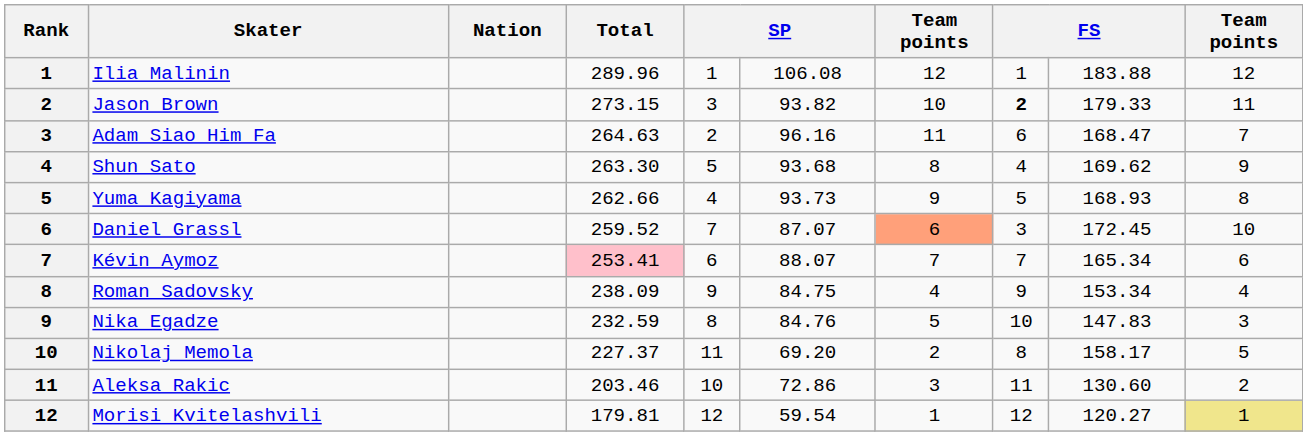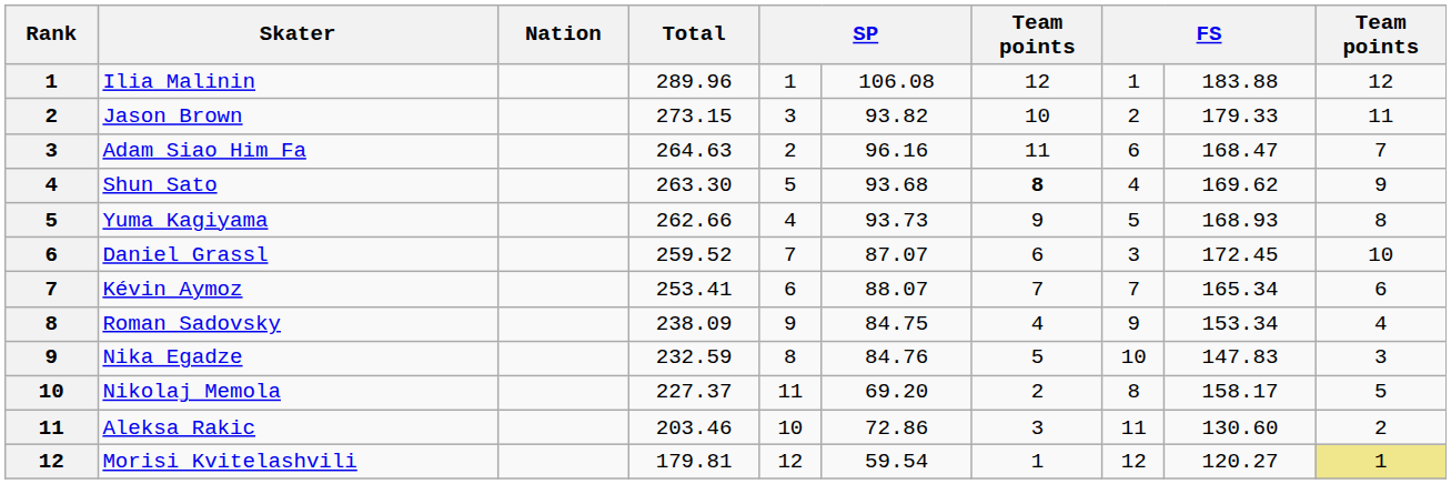 <table class="wikitable sortable" style="text-align:center; width:100%">
 <tr>
 <th scope="col">Rank</th>
 <th scope="col">Skater</th>
 <th scope="col">Nation</th>
 <th scope="col">Total</th>
 <th scope="col" colspan="2" width="80px"><a href='#'>SP</a></th>
 <th scope="col">Team<br>points</th>
 <th scope="col" colspan="2" width="80px"><a href='#'>FS</a></th>
 <th scope="col">Team<br>points</th>
 </tr>
 <tr>
 <th scope="row">1</th>
 <td align="left"><a href='#'>Ilia Malinin</a></td>
 <td align="left"></td>
 <td>289.96</td>
 <td>1</td>
 <td>106.08</td>
 <td>12</td>
 <td>1</td>
 <td>183.88</td>
 <td>12</td>
 </tr>
 <tr>
 <th scope="row">2</th>
 <td align="left"><a href='#'>Jason Brown</a></td>
 <td align="left"></td>
 <td>273.15</td>
 <td>3</td>
 <td>93.82</td>
 <td>10</td>
-<td><strong>2</strong></td>
+<td>2</td>
 <td>179.33</td>
 <td>11</td>
 </tr>
 <tr>
 <th scope="row">3</th>
 <td align="left"><a href='#'>Adam Siao Him Fa</a></td>
 <td align="left"></td>
 <td>264.63</td>
 <td>2</td>
 <td>96.16</td>
 <td>11</td>
 <td>6</td>
 <td>168.47</td>
 <td>7</td>
 </tr>
 <tr>
 <th scope="row">4</th>
 <td align="left"><a href='#'>Shun Sato</a></td>
 <td align="left"></td>
 <td>263.30</td>
 <td>5</td>
 <td>93.68</td>
-<td>8</td>
+<td><strong>8</strong></td>
 <td>4</td>
 <td>169.62</td>
 <td>9</td>
 </tr>
 <tr>
 <th scope="row">5</th>
 <td align="left"><a href='#'>Yuma Kagiyama</a></td>
 <td align="left"></td>
 <td>262.66</td>
 <td>4</td>
 <td>93.73</td>
 <td>9</td>
 <td>5</td>
 <td>168.93</td>
 <td>8</td>
 </tr>
 <tr>
 <th scope="row">6</th>
 <td align="left"><a href='#'>Daniel Grassl</a></td>
 <td align="left"></td>
 <td>259.52</td>
 <td>7</td>
 <td>87.07</td>
-<td style="background: lightsalmon;">6</td>
+<td>6</td>
 <td>3</td>
 <td>172.45</td>
 <td>10</td>
 </tr>
 <tr>
 <th scope="row">7</th>
 <td align="left"><a href='#'>Kévin Aymoz</a></td>
 <td align="left"></td>
-<td style="background: pink;">253.41</td>
+<td>253.41</td>
 <td>6</td>
 <td>88.07</td>
 <td>7</td>
 <td>7</td>
 <td>165.34</td>
 <td>6</td>
 </tr>
 <tr>
 <th scope="row">8</th>
 <td align="left"><a href='#'>Roman Sadovsky</a></td>
 <td align="left"></td>
 <td>238.09</td>
 <td>9</td>
 <td>84.75</td>
 <td>4</td>
 <td>9</td>
 <td>153.34</td>
 <td>4</td>
 </tr>
 <tr>
 <th scope="row">9</th>
 <td align="left"><a href='#'>Nika Egadze</a></td>
 <td align="left"></td>
 <td>232.59</td>
 <td>8</td>
 <td>84.76</td>
 <td>5</td>
 <td>10</td>
 <td>147.83</td>
 <td>3</td>
 </tr>
 <tr>
 <th scope="row">10</th>
 <td align="left"><a href='#'>Nikolaj Memola</a></td>
 <td align="left"></td>
 <td>227.37</td>
 <td>11</td>
 <td>69.20</td>
 <td>2</td>
 <td>8</td>
 <td>158.17</td>
 <td>5</td>
 </tr>
 <tr>
 <th scope="row">11</th>
 <td align="left"><a href='#'>Aleksa Rakic</a></td>
 <td align="left"></td>
 <td>203.46</td>
 <td>10</td>
 <td>72.86</td>
 <td>3</td>
 <td>11</td>
 <td>130.60</td>
 <td>2</td>
 </tr>
 <tr>
 <th scope="row">12</th>
 <td align="left"><a href='#'>Morisi Kvitelashvili</a></td>
 <td align="left"></td>
 <td>179.81</td>
 <td>12</td>
 <td>59.54</td>
 <td>1</td>
 <td>12</td>
 <td>120.27</td>
 <td style="background: khaki;">1</td>
 </tr>
 </table>
